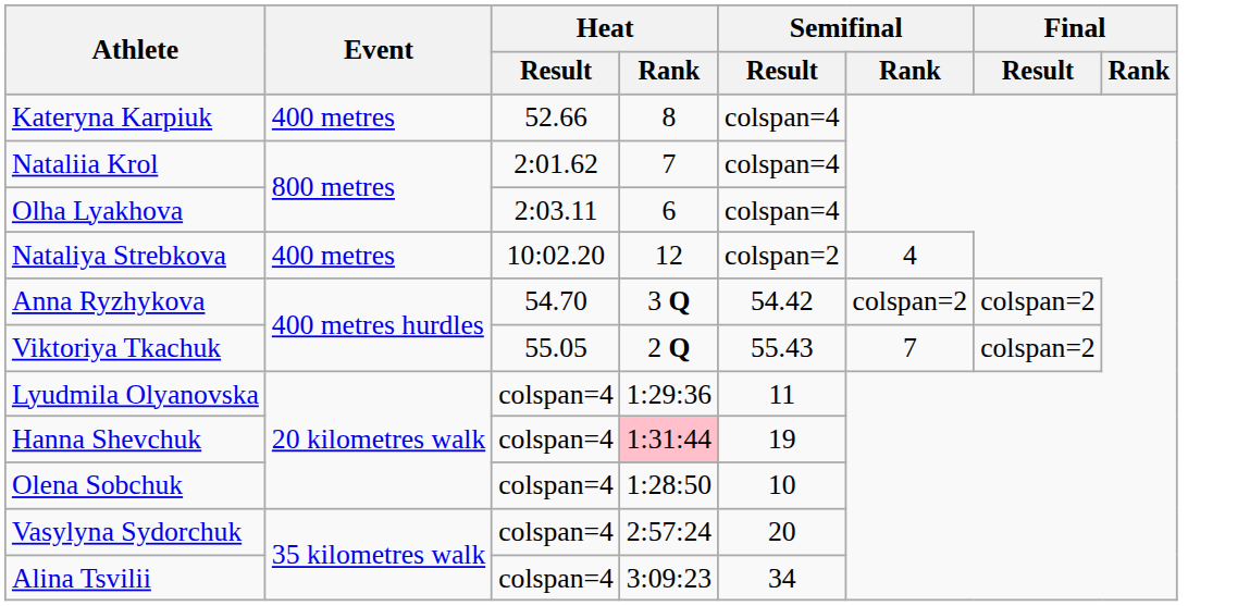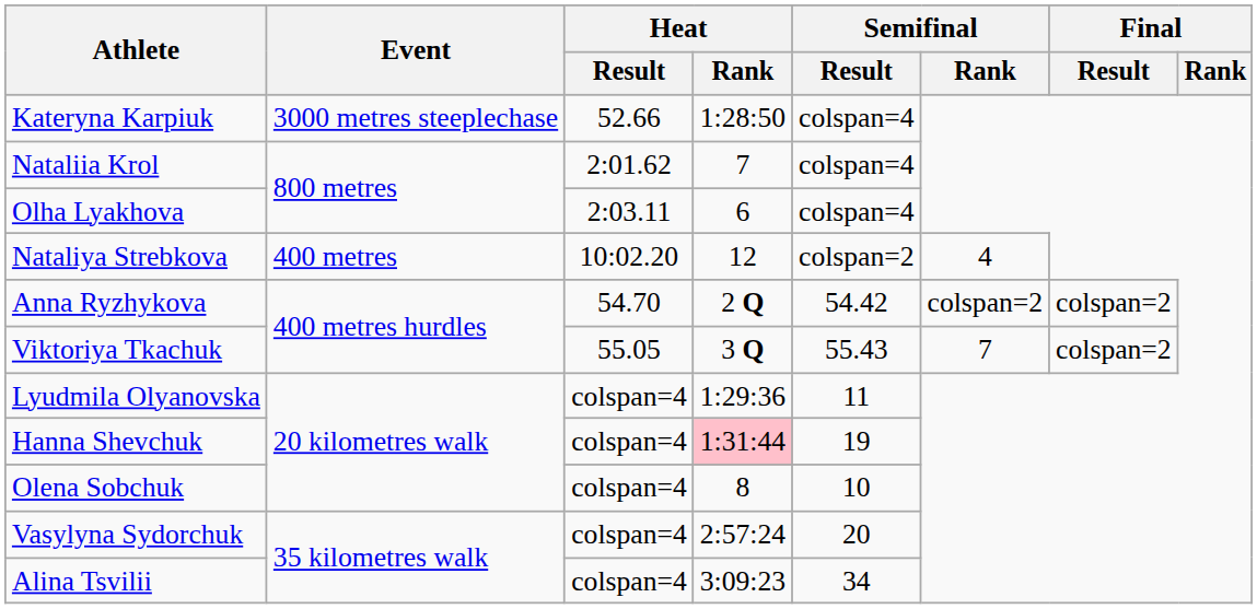 <table class="wikitable" style="font-size:90%">
 <tr>
 <th rowspan="2">Athlete</th>
 <th rowspan="2">Event</th>
 <th colspan="2">Heat</th>
 <th colspan="2">Semifinal</th>
 <th colspan="2">Final</th>
 </tr>
 <tr style="font-size:95%">
 <th>Result</th>
 <th>Rank</th>
 <th>Result</th>
 <th>Rank</th>
 <th>Result</th>
 <th>Rank</th>
 </tr>
 <tr align=center>
 <td align=left><a href='#'>Kateryna Karpiuk</a></td>
-<td align=left><a href='#'>400 metres</a></td>
+<td align=left><a href='#'>3000 metres steeplechase</a></td>
 <td>52.66</td>
-<td>8</td>
+<td>1:28:50  </td>
 <td>colspan=4 </td>
 </tr>
 <tr align=center>
 <td align=left><a href='#'>Nataliia Krol</a></td>
 <td align=left rowspan=2><a href='#'>800 metres</a></td>
 <td>2:01.62</td>
 <td>7</td>
 <td>colspan=4 </td>
 </tr>
 <tr align=center>
 <td align=left><a href='#'>Olha Lyakhova</a></td>
 <td>2:03.11</td>
 <td>6</td>
 <td>colspan=4 </td>
 </tr>
 <tr align=center>
 <td align=left><a href='#'>Nataliya Strebkova</a></td>
 <td align=left><a href='#'>400 metres</a></td>
 <td>10:02.20</td>
 <td>12</td>
 <td>colspan=2</td>
 <td>4</td>
 </tr>
 <tr align=center>
 <td align=left><a href='#'>Anna Ryzhykova</a></td>
 <td align=left rowspan=2><a href='#'>400 metres hurdles</a></td>
 <td>54.70</td>
-<td>3 <strong>Q</strong></td>
+<td>2 <strong>Q</strong></td>
 <td>54.42 </td>
 <td>colspan=2 </td>
 <td>colspan=2 </td>
 </tr>
 <tr align=center>
 <td align=left><a href='#'>Viktoriya Tkachuk</a></td>
 <td>55.05</td>
-<td>2 <strong>Q</strong></td>
+<td>3 <strong>Q</strong></td>
 <td>55.43</td>
 <td>7</td>
 <td>colspan=2 </td>
 </tr>
 <tr align=center>
 <td align=left><a href='#'>Lyudmila Olyanovska</a></td>
 <td align=left rowspan=3><a href='#'>20 kilometres walk</a></td>
 <td>colspan=4</td>
 <td>1:29:36 </td>
 <td>11</td>
 </tr>
 <tr align=center>
 <td align=left><a href='#'>Hanna Shevchuk</a></td>
 <td>colspan=4</td>
 <td style="background: pink;">1:31:44 </td>
 <td>19</td>
 </tr>
 <tr align=center>
 <td align=left><a href='#'>Olena Sobchuk</a></td>
 <td>colspan=4</td>
-<td>1:28:50  </td>
+<td>8</td>
 <td>10</td>
 </tr>
 <tr align=center>
 <td align=left><a href='#'>Vasylyna Sydorchuk</a></td>
 <td align=left rowspan=2><a href='#'>35 kilometres walk</a></td>
 <td>colspan=4</td>
 <td>2:57:24</td>
 <td>20</td>
 </tr>
 <tr align=center>
 <td align=left><a href='#'>Alina Tsvilii</a></td>
 <td>colspan=4</td>
 <td>3:09:23</td>
 <td>34</td>
 </tr>
 </table>
